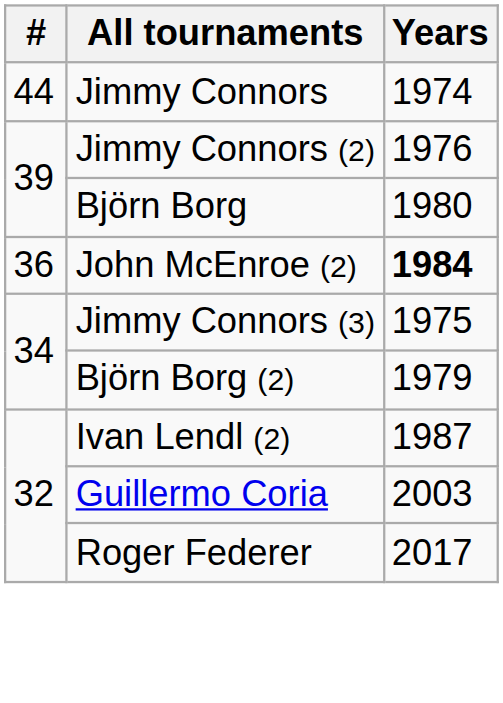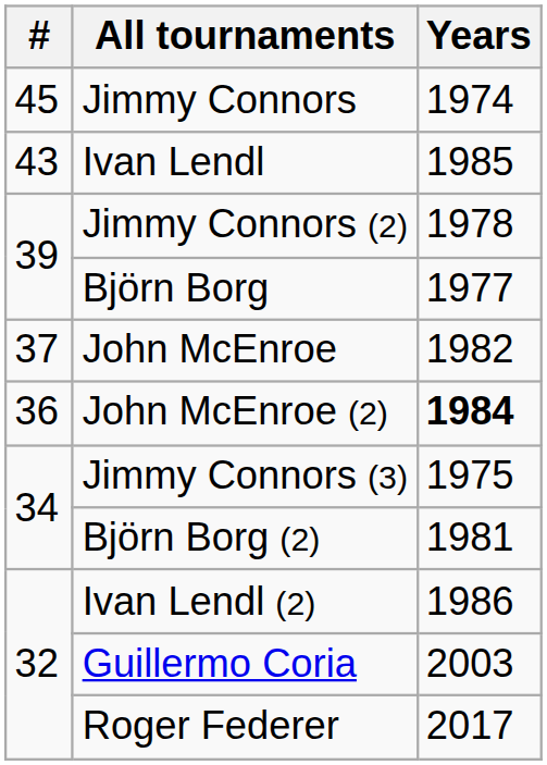 <table class="wikitable" style="display:inline-table;">
 <tr>
 <th width=20>#</th>
 <th>All tournaments</th>
 <th>Years</th>
 </tr>
 <tr>
-<td>44</td>
+<td>45</td>
 <td> Jimmy Connors</td>
 <td>1974</td>
 </tr>
 <tr>
+<td>43</td>
+<td> Ivan Lendl</td>
+<td>1985</td>
+</tr>
+<tr>
 <td rowspan=2>39</td>
 <td> Jimmy Connors <small>(2)</small></td>
-<td>1976 </td>
+<td>1978 </td>
 </tr>
 <tr>
 <td> Björn Borg</td>
-<td>1980</td>
+<td>1977</td>
+</tr>
+<tr>
+<td>37</td>
+<td> John McEnroe</td>
+<td>1982</td>
 </tr>
 <tr>
 <td>36</td>
 <td> John McEnroe <small>(2)</small></td>
 <td><strong>1984</strong></td>
 </tr>
 <tr>
 <td rowspan=2>34</td>
 <td> Jimmy Connors <small>(3)</small></td>
 <td>1975</td>
 </tr>
 <tr>
 <td> Björn Borg <small>(2)</small></td>
-<td>1979</td>
+<td>1981</td>
 </tr>
 <tr>
 <td rowspan=3>32</td>
 <td> Ivan Lendl <small>(2)</small></td>
-<td>1987</td>
+<td>1986</td>
 </tr>
 <tr>
 <td> <a href='#'>Guillermo Coria</a></td>
 <td>2003</td>
 </tr>
 <tr>
 <td> Roger Federer</td>
 <td>2017</td>
 </tr>
 </table>
